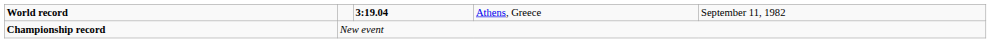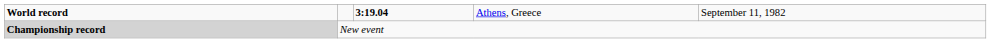 <table class="wikitable" width=75%>
 <tr>
 <td><strong>World record</strong></td>
 <td></td>
 <td><strong>3:19.04</strong></td>
 <td><a href='#'>Athens</a>, Greece</td>
 <td>September 11, 1982</td>
 </tr>
 <tr>
-<td><strong>Championship record</strong></td>
+<td style="background: lightgrey;"><strong>Championship record</strong></td>
 <td colspan="4"><em>New event</em></td>
 </tr>
 </table>
